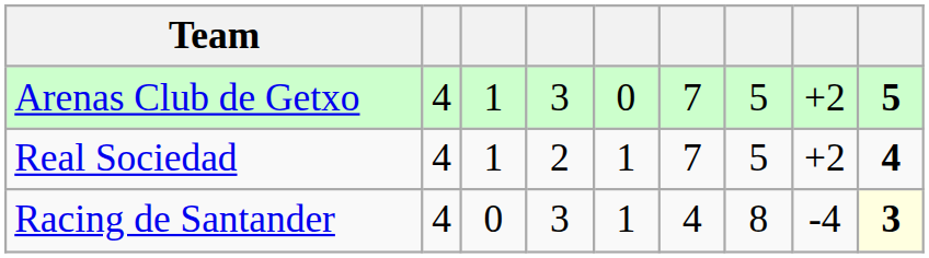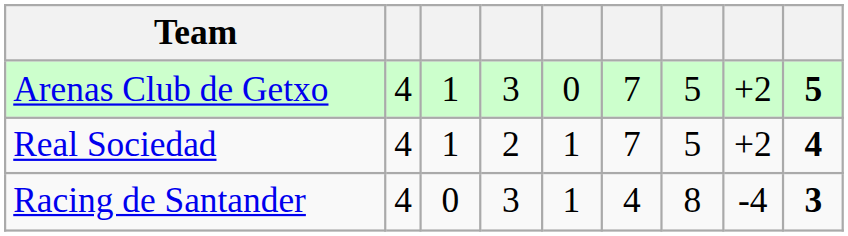 <table class="wikitable" style="text-align: center;">
 <tr>
 <th width=165>Team</th>
 <th wiBAN=20></th>
 <th width=20></th>
 <th width=20></th>
 <th width=20></th>
 <th width=20></th>
 <th width=20></th>
 <th width=20></th>
 <th width=20></th>
 </tr>
 <tr bgcolor="#CCFFCC">
 <td align=left><a href='#'>Arenas Club de Getxo</a></td>
 <td>4</td>
 <td>1</td>
 <td>3</td>
 <td>0</td>
 <td>7</td>
 <td>5</td>
 <td>+2</td>
 <td><strong>5</strong></td>
 </tr>
 <tr>
 <td align=left><a href='#'>Real Sociedad</a></td>
 <td>4</td>
 <td>1</td>
 <td>2</td>
 <td>1</td>
 <td>7</td>
 <td>5</td>
 <td>+2</td>
 <td><strong>4</strong></td>
 </tr>
 <tr>
 <td align=left><a href='#'>Racing de Santander</a></td>
 <td>4</td>
 <td>0</td>
 <td>3</td>
 <td>1</td>
 <td>4</td>
 <td>8</td>
 <td>-4</td>
-<td style="background: lightyellow;"><strong>3</strong></td>
+<td><strong>3</strong></td>
 </tr>
 </table>
